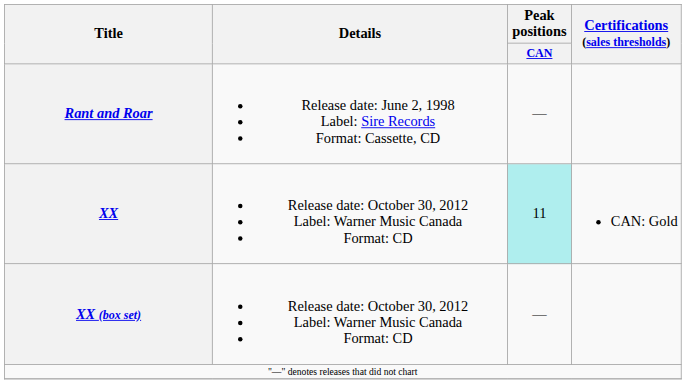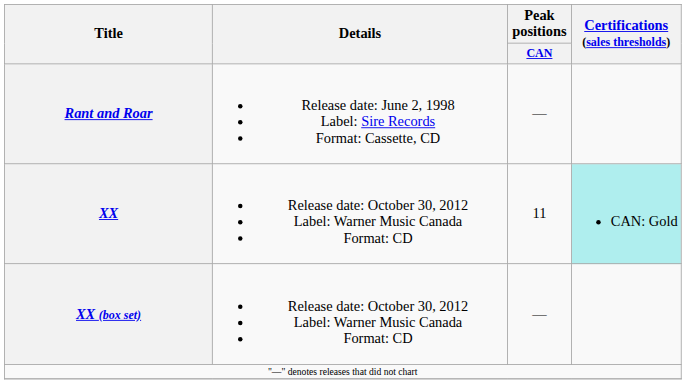 <table class="wikitable plainrowheaders" style="text-align:center;">
 <tr>
 <th rowspan="2" style="width:14em;">Title</th>
 <th rowspan="2" style="width:20em;">Details</th>
 <th colspan="1">Peak positions</th>
 <th rowspan="2"><a href='#'>Certifications</a><br><small>(<a href='#'>sales thresholds</a>)</small></th>
 </tr>
 <tr style="font-size:smaller;">
 <th width="65"><a href='#'>CAN</a></th>
 </tr>
 <tr>
 <th scope="row"><em><a href='#'>Rant and Roar</a></em></th>
 <td><br><ul><li>Release date: June 2, 1998</li><li>Label: <a href='#'>Sire Records</a></li><li>Format: Cassette, CD</li></ul></td>
 <td>—</td>
 <td></td>
 </tr>
 <tr>
 <th scope="row"><em><a href='#'>XX</a></em></th>
 <td><br><ul><li>Release date: October 30, 2012 </li><li>Label: Warner Music Canada</li><li>Format: CD</li></ul></td>
-<td style="background: paleturquoise;">11</td>
-<td><br><ul><li>CAN: Gold</li></ul></td>
+<td>11</td>
+<td style="background: paleturquoise;"><br><ul><li>CAN: Gold</li></ul></td>
 </tr>
 <tr>
 <th scope="row"><em><a href='#'>XX <small>(box set)</small></a></em> </th>
 <td><br><ul><li>Release date: October 30, 2012 </li><li>Label: Warner Music Canada</li><li>Format: CD</li></ul></td>
 <td>—</td>
 <td></td>
 </tr>
 <tr>
 <td colspan="10" style="font-size:8pt">"—" denotes releases that did not chart</td>
 </tr>
 <tr>
 </tr>
 </table>
